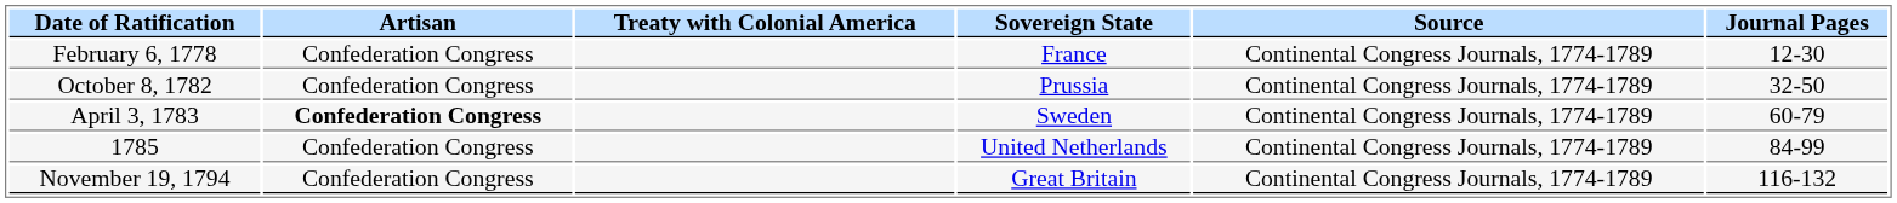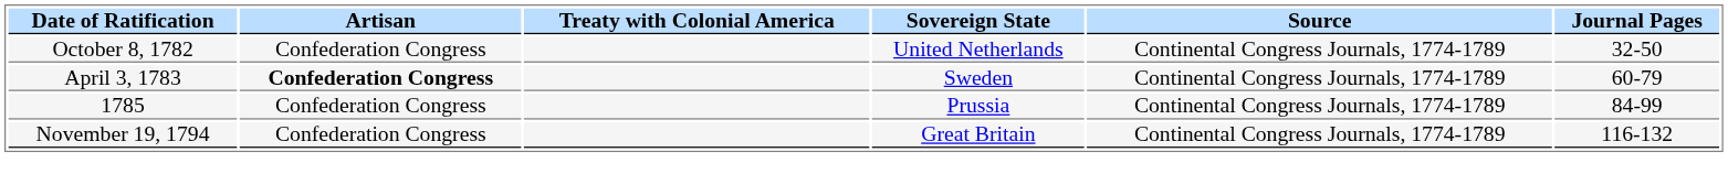 <table style="border:1px solid gray; align:left;width:100%" cellspacing=2 cellpadding=0>
 <tr style="font-weight:bold; text-align:center; background:#bbddff; color:black;">
 <th style=" border-bottom:1.5px solid black">Date of Ratification</th>
 <th style=" border-bottom:1.5px solid black">Artisan</th>
 <th style=" border-bottom:1.5px solid black">Treaty with Colonial America</th>
 <th style=" border-bottom:1.5px solid black">Sovereign State</th>
 <th style=" border-bottom:1.5px solid black">Source</th>
 <th style=" border-bottom:1.5px solid black">Journal Pages</th>
 </tr>
 <tr>
-<td style="border-bottom:1px solid gray; background:#F5F5F5; text-align:center;">February 6, 1778</td>
-<td style="border-bottom:1px solid gray; background:#F5F5F5; text-align:center;">Confederation Congress</td>
-<td style="border-bottom:1px solid gray; background:#F5F5F5; text-align:center;"></td>
-<td style="border-bottom:1px solid gray; background:#F5F5F5; text-align:center;"><a href='#'>France</a></td>
-<td style="border-bottom:1px solid gray; background:#F5F5F5; text-align:center;">Continental Congress Journals, 1774-1789</td>
-<td style="border-bottom:1px solid gray; background:#F5F5F5; text-align:center;">12-30</td>
-</tr>
-<tr>
 <td style="border-bottom:1px solid gray; background:#F5F5F5; text-align:center;">October 8, 1782</td>
 <td style="border-bottom:1px solid gray; background:#F5F5F5; text-align:center;">Confederation Congress</td>
 <td style="border-bottom:1px solid gray; background:#F5F5F5; text-align:center;"></td>
-<td style="border-bottom:1px solid gray; background:#F5F5F5; text-align:center;"><a href='#'>Prussia</a></td>
+<td style="border-bottom:1px solid gray; background:#F5F5F5; text-align:center;"><a href='#'>United Netherlands</a></td>
 <td style="border-bottom:1px solid gray; background:#F5F5F5; text-align:center;">Continental Congress Journals, 1774-1789</td>
 <td style="border-bottom:1px solid gray; background:#F5F5F5; text-align:center;">32-50</td>
 </tr>
 <tr>
 <td style="border-bottom:1px solid gray; background:#F5F5F5; text-align:center;">April 3, 1783</td>
 <td style="border-bottom:1px solid gray; background:#F5F5F5; text-align:center;"><strong>Confederation Congress</strong></td>
 <td style="border-bottom:1px solid gray; background:#F5F5F5; text-align:center;"></td>
 <td style="border-bottom:1px solid gray; background:#F5F5F5; text-align:center;"><a href='#'>Sweden</a></td>
 <td style="border-bottom:1px solid gray; background:#F5F5F5; text-align:center;">Continental Congress Journals, 1774-1789</td>
 <td style="border-bottom:1px solid gray; background:#F5F5F5; text-align:center;">60-79</td>
 </tr>
 <tr>
 <td style="border-bottom:1px solid gray; background:#F5F5F5; text-align:center;">1785</td>
 <td style="border-bottom:1px solid gray; background:#F5F5F5; text-align:center;">Confederation Congress</td>
 <td style="border-bottom:1px solid gray; background:#F5F5F5; text-align:center;"></td>
-<td style="border-bottom:1px solid gray; background:#F5F5F5; text-align:center;"><a href='#'>United Netherlands</a></td>
+<td style="border-bottom:1px solid gray; background:#F5F5F5; text-align:center;"><a href='#'>Prussia</a></td>
 <td style="border-bottom:1px solid gray; background:#F5F5F5; text-align:center;">Continental Congress Journals, 1774-1789</td>
 <td style="border-bottom:1px solid gray; background:#F5F5F5; text-align:center;">84-99</td>
 </tr>
 <tr>
 <td style="border-bottom:1.5px solid black; background:#F5F5F5; text-align:center;">November 19, 1794</td>
 <td style="border-bottom:1.5px solid black; background:#F5F5F5; text-align:center;">Confederation Congress</td>
 <td style="border-bottom:1.5px solid black; background:#F5F5F5; text-align:center;"></td>
 <td style="border-bottom:1.5px solid black; background:#F5F5F5; text-align:center;"><a href='#'>Great Britain</a></td>
 <td style="border-bottom:1.5px solid black; background:#F5F5F5; text-align:center;">Continental Congress Journals, 1774-1789</td>
 <td style="border-bottom:1.5px solid black; background:#F5F5F5; text-align:center;">116-132</td>
 </tr>
 </table>
